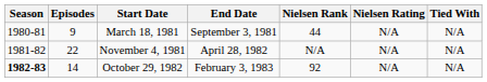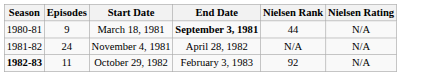 <table class="wikitable" style="text-align: center">
 <tr>
 <th>Season</th>
 <th>Episodes</th>
 <th>Start Date</th>
 <th>End Date</th>
 <th>Nielsen Rank</th>
 <th>Nielsen Rating</th>
-<th>Tied With</th>
 </tr>
 <tr>
 <td style="text-align:center">1980-81</td>
 <td style="text-align:center">9</td>
 <td style="text-align:center">March 18, 1981</td>
-<td style="text-align:center">September 3, 1981</td>
+<td style="text-align:center"><strong>September 3, 1981</strong></td>
 <td style="text-align:center:">44</td>
-<td style="text-align:center">N/A</td>
 <td style="text-align:center">N/A</td>
 </tr>
 <tr>
 <td style="text-align:center">1981-82</td>
-<td style="text-align:center">22</td>
+<td style="text-align:center">24</td>
 <td style="text-align:center">November 4, 1981</td>
 <td style="text-align:center">April 28, 1982</td>
 <td style="text-align:center:">N/A</td>
 <td style="text-align:center">N/A</td>
-<td style="text-align:center">N/A</td>
 </tr>
 <tr>
 <td style="text-align:center"><strong>1982-83</strong></td>
-<td style="text-align:center">14</td>
+<td style="text-align:center">11</td>
 <td style="text-align:center">October 29, 1982</td>
 <td style="text-align:center">February 3, 1983</td>
 <td style="text-align:center:">92</td>
 <td style="text-align:center">N/A</td>
-<td style="text-align:center">N/A</td>
 </tr>
 </table>
